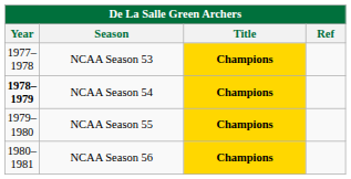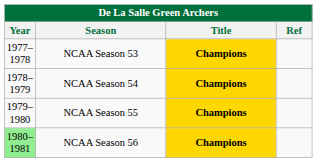 <table class="wikitable sortable" style="font-size:95%; text-align:left;">
 <tr>
 <th colspan="4" style= "background: #00703c; color: white; text-align: center"><strong>De La Salle Green Archers</strong></th>
 </tr>
 <tr style="background: ffffff; color: #00703c">
 <th style= "align=center; width:1em;">Year</th>
 <th style= "align=center;width:12em;">Season</th>
 <th style= "align=center; width:10em;">Title</th>
 <th style= "align=center; width:3em;">Ref</th>
 </tr>
 <tr align=center>
 <td>1977–1978</td>
 <td>NCAA Season 53</td>
 <td style="background:gold;"><strong>Champions</strong></td>
 <td></td>
 </tr>
 <tr align=center>
-<td><strong>1978–1979</strong></td>
+<td>1978–1979</td>
 <td>NCAA Season 54</td>
 <td style="background:gold;"><strong>Champions</strong></td>
 <td></td>
 </tr>
 <tr align=center>
 <td>1979–1980</td>
 <td>NCAA Season 55</td>
 <td style="background:gold;"><strong>Champions</strong></td>
 <td></td>
 </tr>
 <tr align=center>
-<td>1980–1981</td>
+<td style="background: lightgreen;">1980–1981</td>
 <td>NCAA Season 56</td>
 <td style="background:gold;"><strong>Champions</strong></td>
 <td></td>
 </tr>
 </table>
